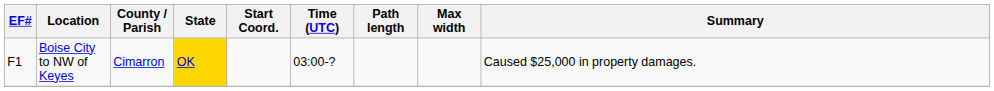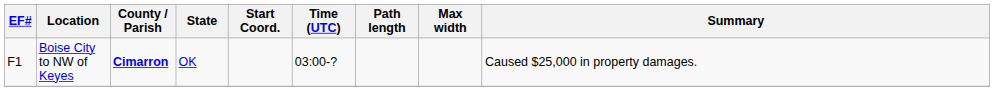 <table class="wikitable sortable" style="width:100%;">
 <tr>
 <th scope="col"  style="width:3%; text-align:center;"><a href='#'>EF#</a></th>
 <th scope="col"  style="width:7%; text-align:center;" class="unsortable">Location</th>
 <th scope="col"  style="width:6%; text-align:center;" class="unsortable">County / Parish</th>
 <th scope="col"  style="width:5%; text-align:center;">State</th>
 <th scope="col"  style="width:6%; text-align:center;">Start Coord.</th>
 <th scope="col"  style="width:6%; text-align:center;">Time (<a href='#'>UTC</a>)</th>
 <th scope="col"  style="width:6%; text-align:center;">Path length</th>
 <th scope="col"  style="width:6%; text-align:center;">Max width</th>
 <th scope="col" class="unsortable" style="width:48%; text-align:center;">Summary</th>
 </tr>
 <tr>
 <td bgcolor=>F1</td>
 <td><a href='#'>Boise City</a> to NW of <a href='#'>Keyes</a></td>
-<td><a href='#'>Cimarron</a></td>
-<td style="background: gold;"><a href='#'>OK</a></td>
+<td><strong><a href='#'>Cimarron</a></strong></td>
+<td><a href='#'>OK</a></td>
 <td></td>
 <td>03:00-?</td>
 <td></td>
 <td></td>
 <td>Caused $25,000 in property damages.</td>
 </tr>
 <tr>
 </tr>
 </table>
